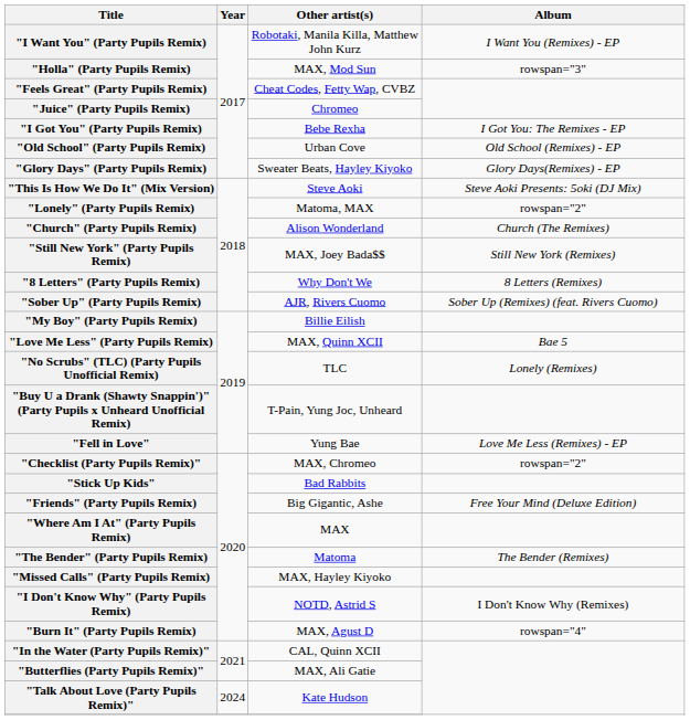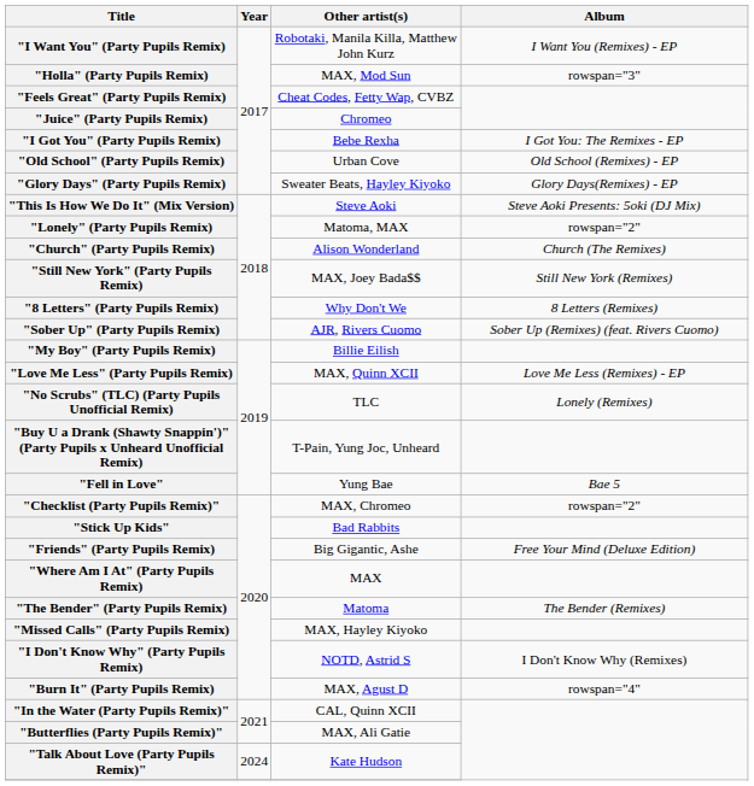 <table class="wikitable plainrowheaders" style="text-align:center;">
 <tr>
 <th scope="col" style="width:24em;">Title</th>
 <th scope="col" style="width:1em;">Year</th>
 <th scope="col" style="width:19em;">Other artist(s)</th>
 <th scope="col" style="width:30em;">Album</th>
 </tr>
 <tr>
 <th scope="row">"I Want You" (Party Pupils Remix)</th>
 <td rowspan="7">2017</td>
 <td><a href='#'>Robotaki</a>, Manila Killa, Matthew John Kurz</td>
 <td><em>I Want You (Remixes) - EP</em></td>
 </tr>
 <tr>
 <th scope="row">"Holla" (Party Pupils Remix)</th>
 <td>MAX, <a href='#'>Mod Sun</a></td>
 <td>rowspan="3" </td>
 </tr>
 <tr>
 <th scope="row">"Feels Great" (Party Pupils Remix)</th>
 <td><a href='#'>Cheat Codes</a>, <a href='#'>Fetty Wap</a>, CVBZ</td>
 </tr>
 <tr>
 <th scope="row">"Juice" (Party Pupils Remix)</th>
 <td><a href='#'>Chromeo</a></td>
 </tr>
 <tr>
 <th scope="row">"I Got You" (Party Pupils Remix)</th>
 <td><a href='#'>Bebe Rexha</a></td>
 <td><em>I Got You: The Remixes - EP</em></td>
 </tr>
 <tr>
 <th scope="row">"Old School" (Party Pupils Remix)</th>
 <td>Urban Cove</td>
 <td><em>Old School (Remixes) - EP</em></td>
 </tr>
 <tr>
 <th scope="row">"Glory Days" (Party Pupils Remix)</th>
 <td>Sweater Beats, <a href='#'>Hayley Kiyoko</a></td>
 <td><em>Glory Days(Remixes) - EP</em></td>
 </tr>
 <tr>
 <th scope="row">"This Is How We Do It" (Mix Version)</th>
 <td rowspan="6">2018</td>
 <td><a href='#'>Steve Aoki</a></td>
 <td><em>Steve Aoki Presents: 5oki (DJ Mix)</em></td>
 </tr>
 <tr>
 <th scope="row">"Lonely" (Party Pupils Remix)</th>
 <td>Matoma, MAX</td>
 <td>rowspan="2" </td>
 </tr>
 <tr>
 <th scope="row">"Church" (Party Pupils Remix)</th>
 <td><a href='#'>Alison Wonderland</a></td>
 <td><em>Church (The Remixes)</em></td>
 </tr>
 <tr>
 <th scope="row">"Still New York" (Party Pupils Remix)</th>
 <td>MAX, Joey Bada$$</td>
 <td><em>Still New York (Remixes)</em></td>
 </tr>
 <tr>
 <th scope="row">"8 Letters" (Party Pupils Remix)</th>
 <td><a href='#'>Why Don't We</a></td>
 <td><em>8 Letters (Remixes)</em></td>
 </tr>
 <tr>
 <th scope="row">"Sober Up" (Party Pupils Remix)</th>
 <td><a href='#'>AJR</a>, <a href='#'>Rivers Cuomo</a></td>
 <td><em>Sober Up (Remixes) (feat. Rivers Cuomo)</em></td>
 </tr>
 <tr>
 <th scope="row">"My Boy" (Party Pupils Remix)</th>
 <td rowspan="5">2019</td>
 <td><a href='#'>Billie Eilish</a></td>
 <td></td>
 </tr>
 <tr>
 <th scope="row">"Love Me Less" (Party Pupils Remix)</th>
 <td>MAX, <a href='#'>Quinn XCII</a></td>
-<td><em>Bae 5</em></td>
+<td><em>Love Me Less (Remixes) - EP</em></td>
 </tr>
 <tr>
 <th scope="row">"No Scrubs" (TLC) (Party Pupils Unofficial Remix)</th>
 <td>TLC</td>
 <td><em>Lonely (Remixes)</em></td>
 </tr>
 <tr>
 <th scope="row">"Buy U a Drank (Shawty Snappin')" (Party Pupils x Unheard Unofficial Remix)</th>
 <td>T-Pain, Yung Joc, Unheard</td>
 </tr>
 <tr>
 <th scope="row">"Fell in Love"</th>
 <td>Yung Bae</td>
-<td><em>Love Me Less (Remixes) - EP</em></td>
+<td><em>Bae 5</em></td>
 </tr>
 <tr>
 <th scope="row">"Checklist (Party Pupils Remix)" </th>
 <td rowspan="8">2020</td>
 <td>MAX, Chromeo</td>
 <td>rowspan="2" </td>
 </tr>
 <tr>
 <th scope="row">"Stick Up Kids"</th>
 <td><a href='#'>Bad Rabbits</a></td>
 </tr>
 <tr>
 <th scope="row">"Friends" (Party Pupils Remix)</th>
 <td>Big Gigantic, Ashe</td>
 <td><em>Free Your Mind (Deluxe Edition)</em></td>
 </tr>
 <tr>
 <th scope="row">"Where Am I At" (Party Pupils Remix)</th>
 <td>MAX</td>
 <td></td>
 </tr>
 <tr>
 <th scope="row">"The Bender" (Party Pupils Remix)</th>
 <td><a href='#'>Matoma</a></td>
 <td><em>The Bender (Remixes)</em></td>
 </tr>
 <tr>
 <th scope="row">"Missed Calls" (Party Pupils Remix)</th>
 <td>MAX, Hayley Kiyoko</td>
 <td></td>
 </tr>
 <tr>
 <th scope="row">"I Don't Know Why" (Party Pupils Remix)</th>
 <td><a href='#'>NOTD</a>, <a href='#'>Astrid S</a></td>
 <td>I Don't Know Why (Remixes)</td>
 </tr>
 <tr>
 <th scope="row">"Burn It" (Party Pupils Remix)</th>
 <td>MAX, <a href='#'>Agust D</a></td>
 <td>rowspan="4" </td>
 </tr>
 <tr>
 <th scope="row">"In the Water (Party Pupils Remix)" </th>
 <td rowspan="2">2021</td>
 <td>CAL, Quinn XCII</td>
 </tr>
 <tr>
 <th scope="row">"Butterflies (Party Pupils Remix)"</th>
 <td>MAX, Ali Gatie</td>
 </tr>
 <tr>
 <th scope="row">"Talk About Love (Party Pupils Remix)" </th>
 <td rowspan="1">2024</td>
 <td><a href='#'>Kate Hudson</a></td>
 </tr>
 <tr>
 </tr>
 </table>
